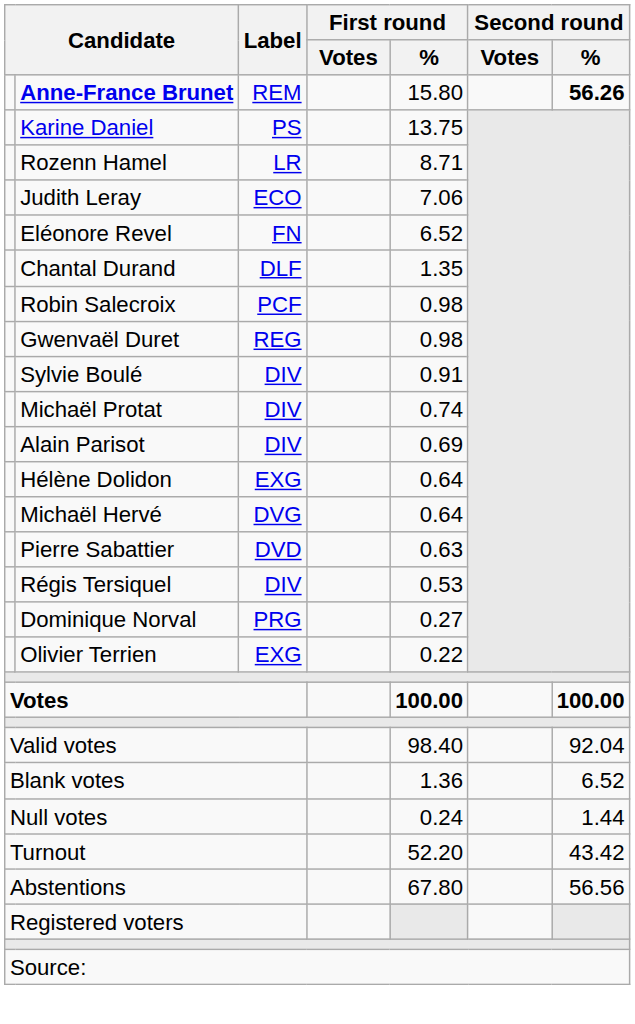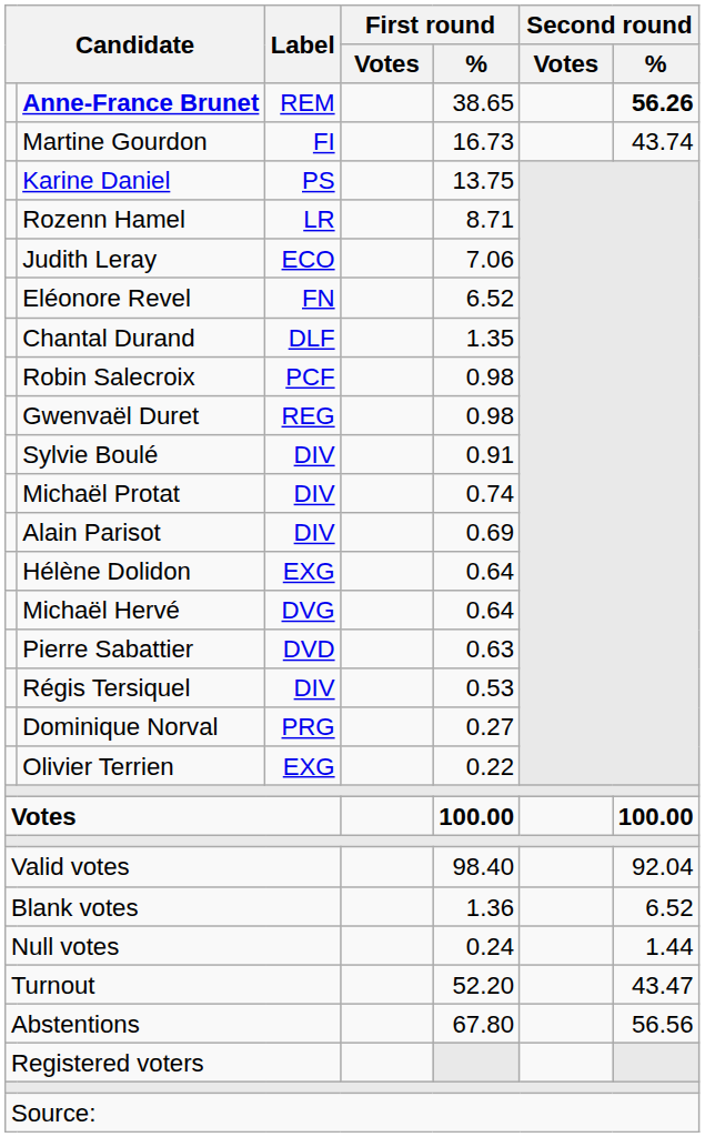 <table class="wikitable" style="text-align:right;font-size:95%;">
 <tr>
 <th rowspan="2" colspan="2">Candidate</th>
 <th rowspan="2">Label</th>
 <th colspan="2">First round</th>
 <th colspan="2">Second round</th>
 </tr>
 <tr>
 <th style="width:50px;">Votes</th>
 <th style="width:45px;">%</th>
 <th style="width:50px;">Votes</th>
 <th style="width:45px;">%</th>
 </tr>
 <tr>
 <td style="color:inherit;background:"></td>
 <td style="text-align:left;"><strong><a href='#'>Anne-France Brunet</a></strong></td>
 <td><a href='#'>REM</a></td>
 <td></td>
-<td>15.80</td>
+<td>38.65</td>
 <td><strong></strong></td>
 <td><strong>56.26</strong></td>
+</tr>
+<tr>
+<td style="color:inherit;background:"></td>
+<td style="text-align:left;">Martine Gourdon</td>
+<td><a href='#'>FI</a></td>
+<td></td>
+<td>16.73</td>
+<td></td>
+<td>43.74</td>
 </tr>
 <tr>
 <td style="color:inherit;background:"></td>
 <td style="text-align:left;"><a href='#'>Karine Daniel</a></td>
 <td><a href='#'>PS</a></td>
 <td></td>
 <td>13.75</td>
 <td colspan="2" rowspan="16" style="background:#E9E9E9;"></td>
 </tr>
 <tr>
 <td style="color:inherit;background:"></td>
 <td style="text-align:left;">Rozenn Hamel</td>
 <td><a href='#'>LR</a></td>
 <td></td>
 <td>8.71</td>
 </tr>
 <tr>
 <td style="color:inherit;background:"></td>
 <td style="text-align:left;">Judith Leray</td>
 <td><a href='#'>ECO</a></td>
 <td></td>
 <td>7.06</td>
 </tr>
 <tr>
 <td style="color:inherit;background:"></td>
 <td style="text-align:left;">Eléonore Revel</td>
 <td><a href='#'>FN</a></td>
 <td></td>
 <td>6.52</td>
 </tr>
 <tr>
 <td style="color:inherit;background:"></td>
 <td style="text-align:left;">Chantal Durand</td>
 <td><a href='#'>DLF</a></td>
 <td></td>
 <td>1.35</td>
 </tr>
 <tr>
 <td style="color:inherit;background:"></td>
 <td style="text-align:left;">Robin Salecroix</td>
 <td><a href='#'>PCF</a></td>
 <td></td>
 <td>0.98</td>
 </tr>
 <tr>
 <td style="color:inherit;background:"></td>
 <td style="text-align:left;">Gwenvaël Duret</td>
 <td><a href='#'>REG</a></td>
 <td></td>
 <td>0.98</td>
 </tr>
 <tr>
 <td style="color:inherit;background:"></td>
 <td style="text-align:left;">Sylvie Boulé</td>
 <td><a href='#'>DIV</a></td>
 <td></td>
 <td>0.91</td>
 </tr>
 <tr>
 <td style="color:inherit;background:"></td>
 <td style="text-align:left;">Michaël Protat</td>
 <td><a href='#'>DIV</a></td>
 <td></td>
 <td>0.74</td>
 </tr>
 <tr>
 <td style="color:inherit;background:"></td>
 <td style="text-align:left;">Alain Parisot</td>
 <td><a href='#'>DIV</a></td>
 <td></td>
 <td>0.69</td>
 </tr>
 <tr>
 <td style="color:inherit;background:"></td>
 <td style="text-align:left;">Hélène Dolidon</td>
 <td><a href='#'>EXG</a></td>
 <td></td>
 <td>0.64</td>
 </tr>
 <tr>
 <td style="color:inherit;background:"></td>
 <td style="text-align:left;">Michaël Hervé</td>
 <td><a href='#'>DVG</a></td>
 <td></td>
 <td>0.64</td>
 </tr>
 <tr>
 <td style="color:inherit;background:"></td>
 <td style="text-align:left;">Pierre Sabattier</td>
 <td><a href='#'>DVD</a></td>
 <td></td>
 <td>0.63</td>
 </tr>
 <tr>
 <td style="color:inherit;background:"></td>
 <td style="text-align:left;">Régis Tersiquel</td>
 <td><a href='#'>DIV</a></td>
 <td></td>
 <td>0.53</td>
 </tr>
 <tr>
 <td style="color:inherit;background:"></td>
 <td style="text-align:left;">Dominique Norval</td>
 <td><a href='#'>PRG</a></td>
 <td></td>
 <td>0.27</td>
 </tr>
 <tr>
 <td style="color:inherit;background:"></td>
 <td style="text-align:left;">Olivier Terrien</td>
 <td><a href='#'>EXG</a></td>
 <td></td>
 <td>0.22</td>
 </tr>
 <tr>
 <td colspan="7" style="background:#E9E9E9;"></td>
 </tr>
 <tr style="font-weight:bold;">
 <td colspan="3" style="text-align:left;">Votes</td>
 <td></td>
 <td>100.00</td>
 <td></td>
 <td>100.00</td>
 </tr>
 <tr>
 <td colspan="7" style="background:#E9E9E9;"></td>
 </tr>
 <tr>
 <td colspan="3" style="text-align:left;">Valid votes</td>
 <td></td>
 <td>98.40</td>
 <td></td>
 <td>92.04</td>
 </tr>
 <tr>
 <td colspan="3" style="text-align:left;">Blank votes</td>
 <td></td>
 <td>1.36</td>
 <td></td>
 <td>6.52</td>
 </tr>
 <tr>
 <td colspan="3" style="text-align:left;">Null votes</td>
 <td></td>
 <td>0.24</td>
 <td></td>
 <td>1.44</td>
 </tr>
 <tr>
 <td colspan="3" style="text-align:left;">Turnout</td>
 <td></td>
 <td>52.20</td>
 <td></td>
-<td>43.42</td>
+<td>43.47</td>
 </tr>
 <tr>
 <td colspan="3" style="text-align:left;">Abstentions</td>
 <td></td>
 <td>67.80</td>
 <td></td>
 <td>56.56</td>
 </tr>
 <tr>
 <td colspan="3" style="text-align:left;">Registered voters</td>
 <td></td>
 <td style="color:inherit;background:#E9E9E9;"></td>
 <td></td>
 <td style="color:inherit;background:#E9E9E9;"></td>
 </tr>
 <tr>
 <td colspan="7" style="background:#E9E9E9;"></td>
 </tr>
 <tr>
 <td colspan="7" style="text-align:left;">Source: </td>
 </tr>
 </table>
